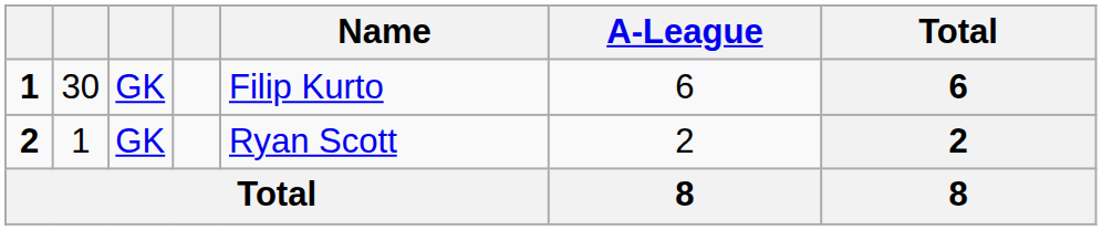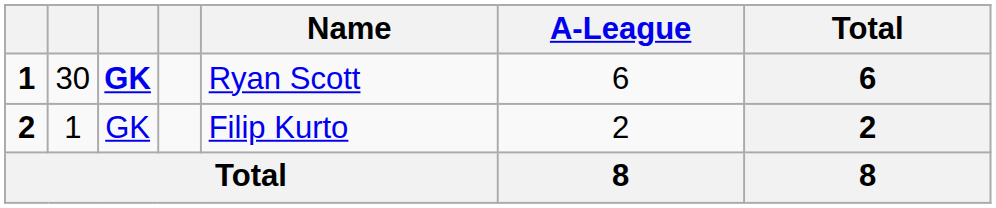 <table class="wikitable" style="text-align:center">
 <tr>
 <th width=15></th>
 <th width=15></th>
 <th width=15></th>
 <th width=15></th>
 <th width=145>Name</th>
 <th width=120><a href='#'>A-League</a></th>
 <th width=120>Total</th>
 </tr>
 <tr>
 <td><strong>1</strong></td>
 <td>30</td>
-<td><a href='#'>GK</a></td>
+<td><strong><a href='#'>GK</a></strong></td>
 <td></td>
-<td align=left><a href='#'>Filip Kurto</a></td>
+<td align=left><a href='#'>Ryan Scott</a></td>
 <td>6</td>
 <th>6</th>
 </tr>
 <tr>
 <td><strong>2</strong></td>
 <td>1</td>
 <td><a href='#'>GK</a></td>
 <td></td>
-<td align=left><a href='#'>Ryan Scott</a></td>
+<td align=left><a href='#'>Filip Kurto</a></td>
 <td>2</td>
 <th>2</th>
 </tr>
 <tr>
 <th colspan="5">Total</th>
 <th>8</th>
 <th>8</th>
 </tr>
 </table>
